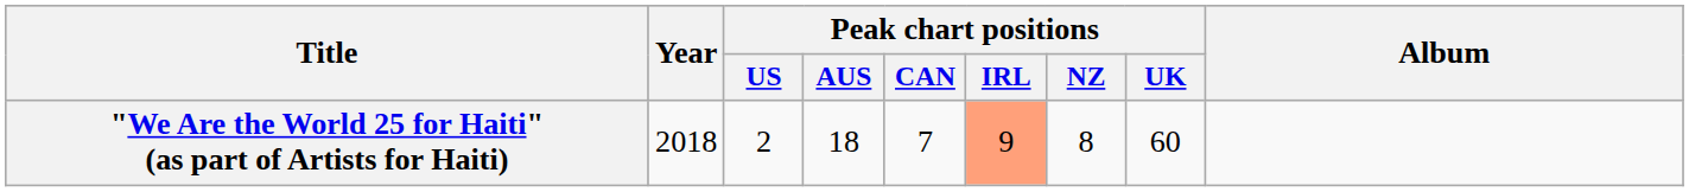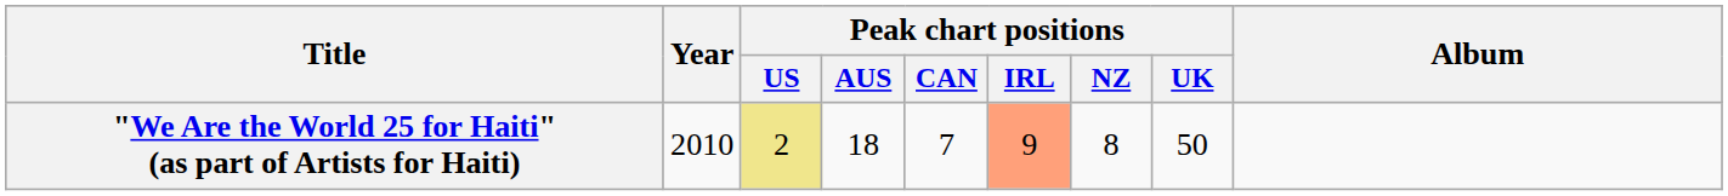 <table class="wikitable plainrowheaders" style="text-align:center;">
 <tr>
 <th scope="col" rowspan="2" style="width:22.5em;">Title</th>
 <th scope="col" rowspan="2" style="width:1em;">Year</th>
 <th scope="col" colspan="6">Peak chart positions</th>
 <th scope="col" rowspan="2" style="width:16.5em;">Album</th>
 </tr>
 <tr>
 <th scope="col" style="width:2.5em;font-size:90%;"><a href='#'>US</a><br></th>
 <th scope="col" style="width:2.5em;font-size:90%;"><a href='#'>AUS</a><br></th>
 <th scope="col" style="width:2.5em;font-size:90%;"><a href='#'>CAN</a><br></th>
 <th scope="col" style="width:2.5em;font-size:90%;"><a href='#'>IRL</a><br></th>
 <th scope="col" style="width:2.5em;font-size:90%;"><a href='#'>NZ</a><br></th>
 <th scope="col" style="width:2.5em;font-size:90%;"><a href='#'>UK</a><br></th>
 </tr>
 <tr>
 <th scope="row">"<a href='#'>We Are the World 25 for Haiti</a>"<br><span>(as part of Artists for Haiti)</span></th>
-<td>2018</td>
-<td>2</td>
+<td>2010</td>
+<td style="background: khaki;">2</td>
 <td>18</td>
 <td>7</td>
 <td style="background: lightsalmon;">9</td>
 <td>8</td>
-<td>60</td>
+<td>50</td>
 <td></td>
 </tr>
 </table>
